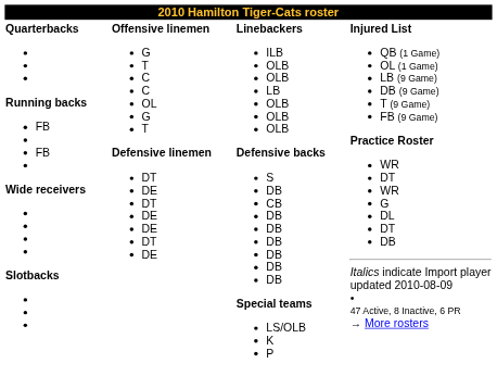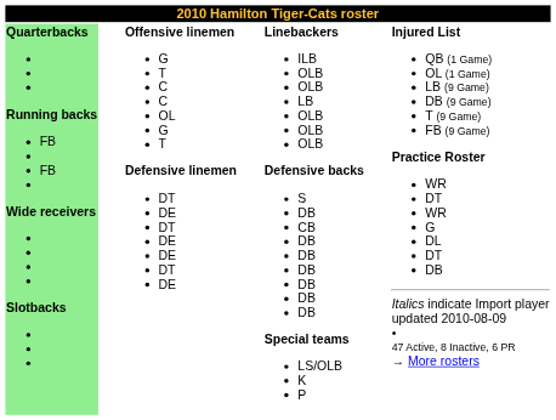 <table class="toccolours" style="text-align: left;">
 <tr>
 <th colspan="7" style="background-color: black; color:#FFC12D; text-align: center">2010 Hamilton Tiger-Cats roster</th>
 </tr>
 <tr>
-<td style="font-size: 95%;" valign="top"><strong>Quarterbacks</strong><br><ul><li></li><li></li><li></li></ul><strong>Running backs</strong><ul><li> FB</li><li></li><li> FB</li><li></li></ul><strong>Wide receivers</strong><ul><li></li><li></li><li></li><li></li></ul><strong>Slotbacks</strong><ul><li></li><li></li><li></li></ul></td>
+<td style="background: lightgreen; font-size: 95%;" valign="top"><strong>Quarterbacks</strong><br><ul><li></li><li></li><li></li></ul><strong>Running backs</strong><ul><li> FB</li><li></li><li> FB</li><li></li></ul><strong>Wide receivers</strong><ul><li></li><li></li><li></li><li></li></ul><strong>Slotbacks</strong><ul><li></li><li></li><li></li></ul></td>
 <td style="width: 25px;"></td>
 <td style="font-size: 95%;" valign="top"><strong>Offensive linemen</strong><br><ul><li> G</li><li> T</li><li> C</li><li> C</li><li> OL</li><li> G</li><li> T</li></ul><strong>Defensive linemen</strong><ul><li> DT</li><li> DE</li><li> DT</li><li> DE</li><li> DE</li><li> DT</li><li> DE</li></ul></td>
 <td style="width: 25px;"></td>
 <td style="font-size: 95%;" valign="top"><strong>Linebackers</strong><br><ul><li> ILB</li><li> OLB</li><li> OLB</li><li> LB</li><li> OLB</li><li> OLB</li><li> OLB</li></ul><strong>Defensive backs</strong><ul><li> S</li><li> DB</li><li> CB</li><li> DB</li><li> DB</li><li> DB</li><li> DB</li><li> DB</li><li> DB</li></ul><strong>Special teams</strong><ul><li> LS/OLB</li><li> K</li><li> P</li></ul></td>
 <td style="width: 25px;"></td>
 <td style="font-size: 95%;" valign="top"><strong>Injured List</strong><br><ul><li> QB  <small>(1 Game)</small></li><li> OL  <small>(1 Game)</small></li><li> LB  <small>(9 Game)</small></li><li> DB  <small>(9 Game)</small></li><li> T  <small>(9 Game)</small></li><li> FB  <small>(9 Game)</small></li></ul><strong>Practice Roster</strong><ul><li> WR</li><li> DT</li><li> WR</li><li> G</li><li> DL</li><li> DT</li><li> DB</li></ul><hr> <em>Italics</em> indicate Import player<br> <span></span> updated 2010-08-09<br> <span></span> • <span></span><br> <small>47 Active, 8 Inactive, 6 PR</small><br>→ <a href='#'>More rosters</a></td>
 </tr>
 <tr>
 </tr>
 </table>
